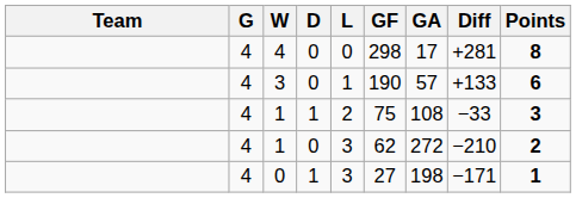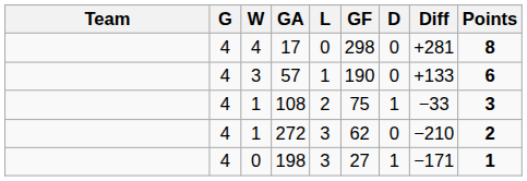 <table class="wikitable" style="text-align: center;">
 <tr>
 <th width="175">Team</th>
 <th width="20">G</th>
 <th width="20">W</th>
-<th width="20">D</th>
+<th width="20">GA</th>
 <th width="20">L</th>
 <th width="20">GF</th>
-<th width="20">GA</th>
+<th width="20">D</th>
 <th width="20">Diff</th>
 <th width="20">Points</th>
 </tr>
 <tr>
 <td align=left></td>
 <td>4</td>
 <td>4</td>
-<td>0</td>
+<td>17</td>
 <td>0</td>
 <td>298</td>
-<td>17</td>
+<td>0</td>
 <td>+281</td>
 <td><strong>8</strong></td>
 </tr>
 <tr>
 <td align=left></td>
 <td>4</td>
 <td>3</td>
-<td>0</td>
+<td>57</td>
 <td>1</td>
 <td>190</td>
-<td>57</td>
+<td>0</td>
 <td>+133</td>
 <td><strong>6</strong></td>
 </tr>
 <tr>
 <td align=left></td>
 <td>4</td>
 <td>1</td>
-<td>1</td>
+<td>108</td>
 <td>2</td>
 <td>75</td>
-<td>108</td>
+<td>1</td>
 <td>−33</td>
 <td><strong>3</strong></td>
 </tr>
 <tr>
 <td align=left></td>
 <td>4</td>
 <td>1</td>
-<td>0</td>
+<td>272</td>
 <td>3</td>
 <td>62</td>
-<td>272</td>
+<td>0</td>
 <td>−210</td>
 <td><strong>2</strong></td>
 </tr>
 <tr>
 <td align=left></td>
 <td>4</td>
 <td>0</td>
-<td>1</td>
+<td>198</td>
 <td>3</td>
 <td>27</td>
-<td>198</td>
+<td>1</td>
 <td>−171</td>
 <td><strong>1</strong></td>
 </tr>
 </table>
